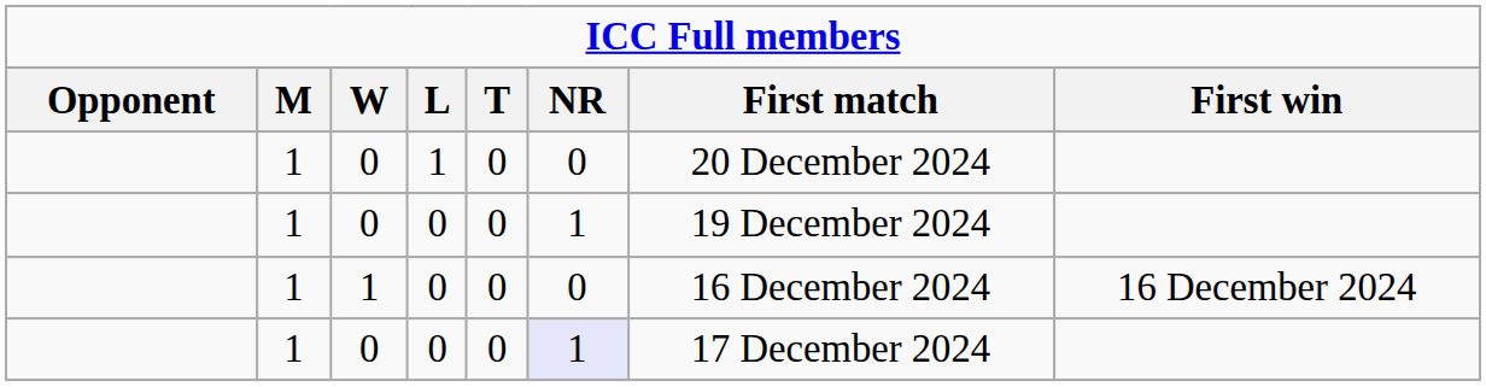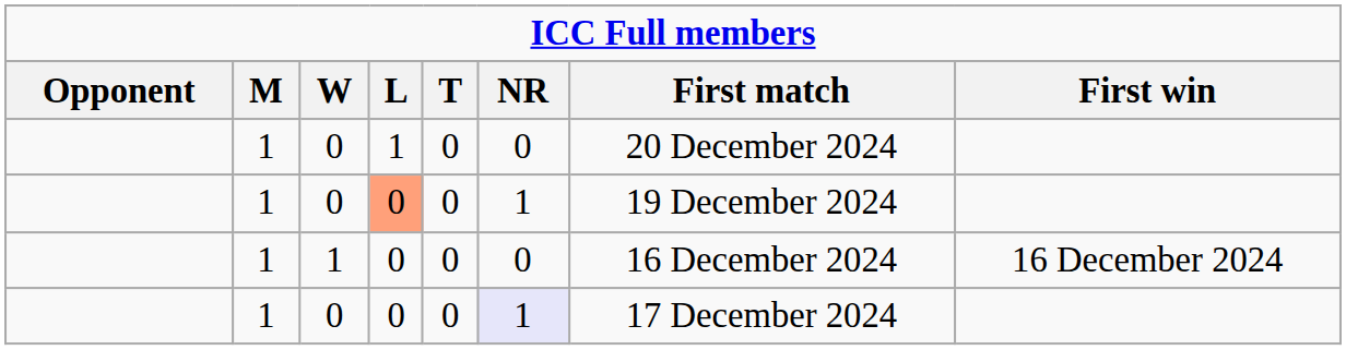 <table class="wikitable" style="text-align: center; width: 600px">
 <tr>
 <td colspan="30" style="text-align: center;"><strong><a href='#'>ICC Full members</a></strong></td>
 </tr>
 <tr>
 <th>Opponent</th>
 <th>M</th>
 <th>W</th>
 <th>L</th>
 <th>T</th>
 <th>NR</th>
 <th>First match</th>
 <th>First win</th>
 </tr>
 <tr>
 <td></td>
 <td>1</td>
 <td>0</td>
 <td>1</td>
 <td>0</td>
 <td>0</td>
 <td>20 December 2024</td>
 <td></td>
 </tr>
 <tr>
 <td></td>
 <td>1</td>
 <td>0</td>
-<td>0</td>
+<td style="background: lightsalmon;">0</td>
 <td>0</td>
 <td>1</td>
 <td>19 December 2024</td>
 <td></td>
 </tr>
 <tr>
 <td></td>
 <td>1</td>
 <td>1</td>
 <td>0</td>
 <td>0</td>
 <td>0</td>
 <td>16 December 2024</td>
 <td>16 December 2024</td>
 </tr>
 <tr>
 <td></td>
 <td>1</td>
 <td>0</td>
 <td>0</td>
 <td>0</td>
 <td style="background: lavender;">1</td>
 <td>17 December 2024</td>
 <td></td>
 </tr>
 </table>
